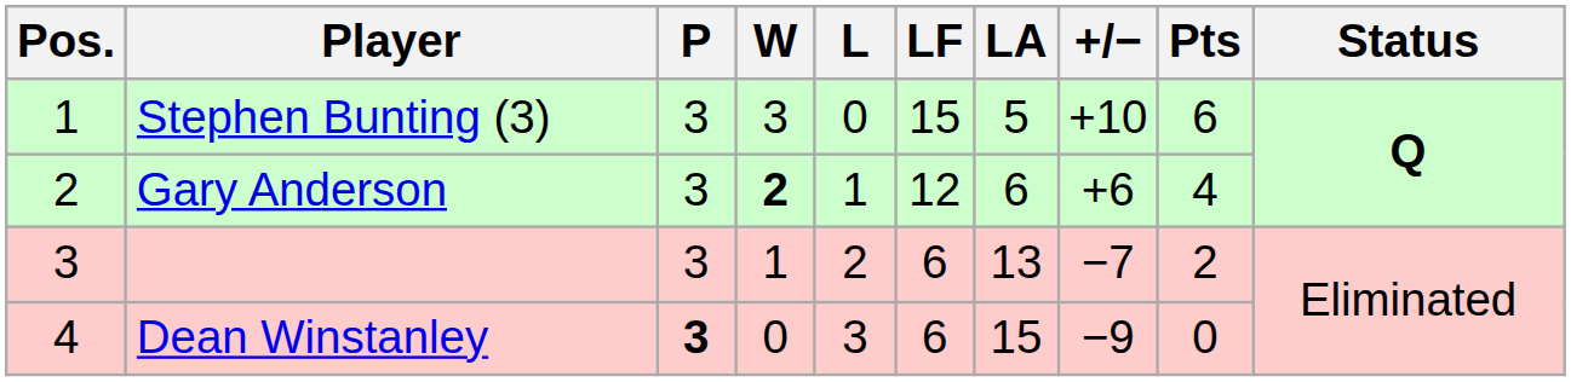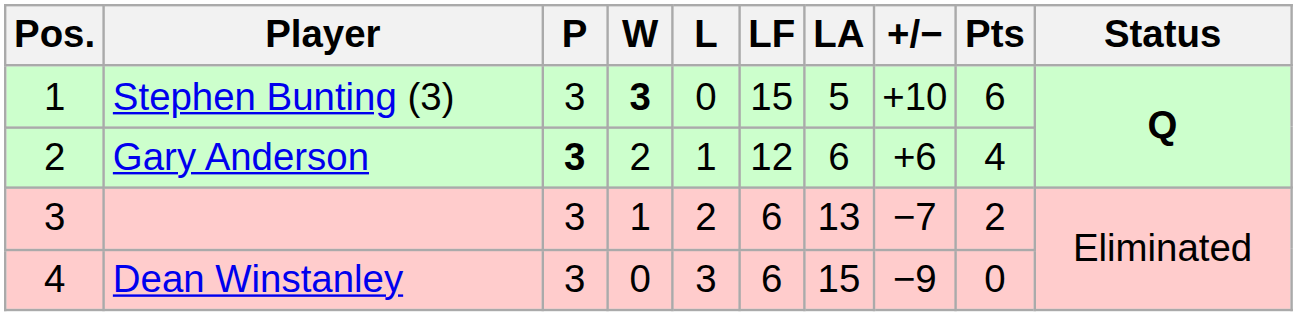 <table class="wikitable" style="text-align:center; margin: 1em auto 1em auto, align:left">
 <tr>
 <th width=20>Pos.</th>
 <th width=175>Player</th>
 <th width=20>P</th>
 <th width=20>W</th>
 <th width=20>L</th>
 <th width=20>LF</th>
 <th width=20>LA</th>
 <th width=20>+/−</th>
 <th width=20>Pts</th>
 <th width=100>Status</th>
 </tr>
 <tr style="background:#CCFFCC;">
 <td>1</td>
 <td style="text-align:left;"> <a href='#'>Stephen Bunting</a> (3)</td>
 <td>3</td>
-<td>3</td>
+<td><strong>3</strong></td>
 <td>0</td>
 <td>15</td>
 <td>5</td>
 <td>+10</td>
 <td>6</td>
 <td rowspan=2><strong>Q</strong></td>
 </tr>
 <tr style="background:#CCFFCC;">
 <td>2</td>
 <td style="text-align:left;"> <a href='#'>Gary Anderson</a></td>
-<td>3</td>
-<td><strong>2</strong></td>
+<td><strong>3</strong></td>
+<td>2</td>
 <td>1</td>
 <td>12</td>
 <td>6</td>
 <td>+6</td>
 <td>4</td>
 </tr>
 <tr style="background:#FFCCCC;">
 <td>3</td>
 <td style="text-align:left;"></td>
 <td>3</td>
 <td>1</td>
 <td>2</td>
 <td>6</td>
 <td>13</td>
 <td>−7</td>
 <td>2</td>
 <td rowspan=2>Eliminated</td>
 </tr>
 <tr style="background:#FFCCCC;">
 <td>4</td>
 <td style="text-align:left;"> <a href='#'>Dean Winstanley</a></td>
-<td><strong>3</strong></td>
+<td>3</td>
 <td>0</td>
 <td>3</td>
 <td>6</td>
 <td>15</td>
 <td>−9</td>
 <td>0</td>
 </tr>
 </table>
